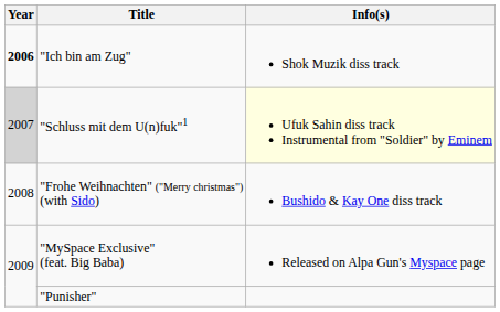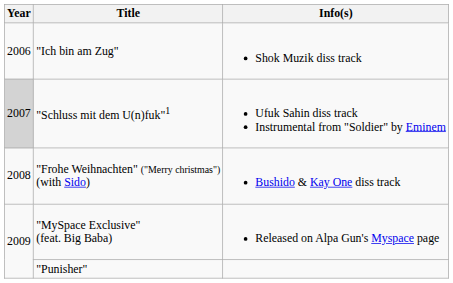 <table class="wikitable">
 <tr>
 <th>Year</th>
 <th>Title</th>
 <th>Info(s)</th>
 </tr>
 <tr>
-<td><strong>2006</strong></td>
+<td>2006</td>
 <td>"Ich bin am Zug"</td>
 <td><br><ul><li>Shok Muzik diss track</li></ul></td>
 </tr>
 <tr>
 <td style="background: lightgrey;">2007</td>
 <td>"Schluss mit dem U(n)fuk"<sup>1</sup></td>
-<td style="background: lightyellow;"><br><ul><li>Ufuk Sahin diss track</li><li>Instrumental from "Soldier" by <a href='#'>Eminem</a></li></ul></td>
+<td><br><ul><li>Ufuk Sahin diss track</li><li>Instrumental from "Soldier" by <a href='#'>Eminem</a></li></ul></td>
 </tr>
 <tr>
 <td>2008</td>
 <td>"Frohe Weihnachten" <small>("Merry christmas")</small><br><span>(with <a href='#'>Sido</a>)</span></td>
 <td><br><ul><li><a href='#'>Bushido</a> & <a href='#'>Kay One</a> diss track</li></ul></td>
 </tr>
 <tr>
 <td rowspan="2">2009</td>
 <td>"MySpace Exclusive" <br><span>(feat. Big Baba)</span></td>
 <td><br><ul><li>Released on Alpa Gun's <a href='#'>Myspace</a> page</li></ul></td>
 </tr>
 <tr>
 <td>"Punisher"</td>
 <td></td>
 </tr>
 </table>
